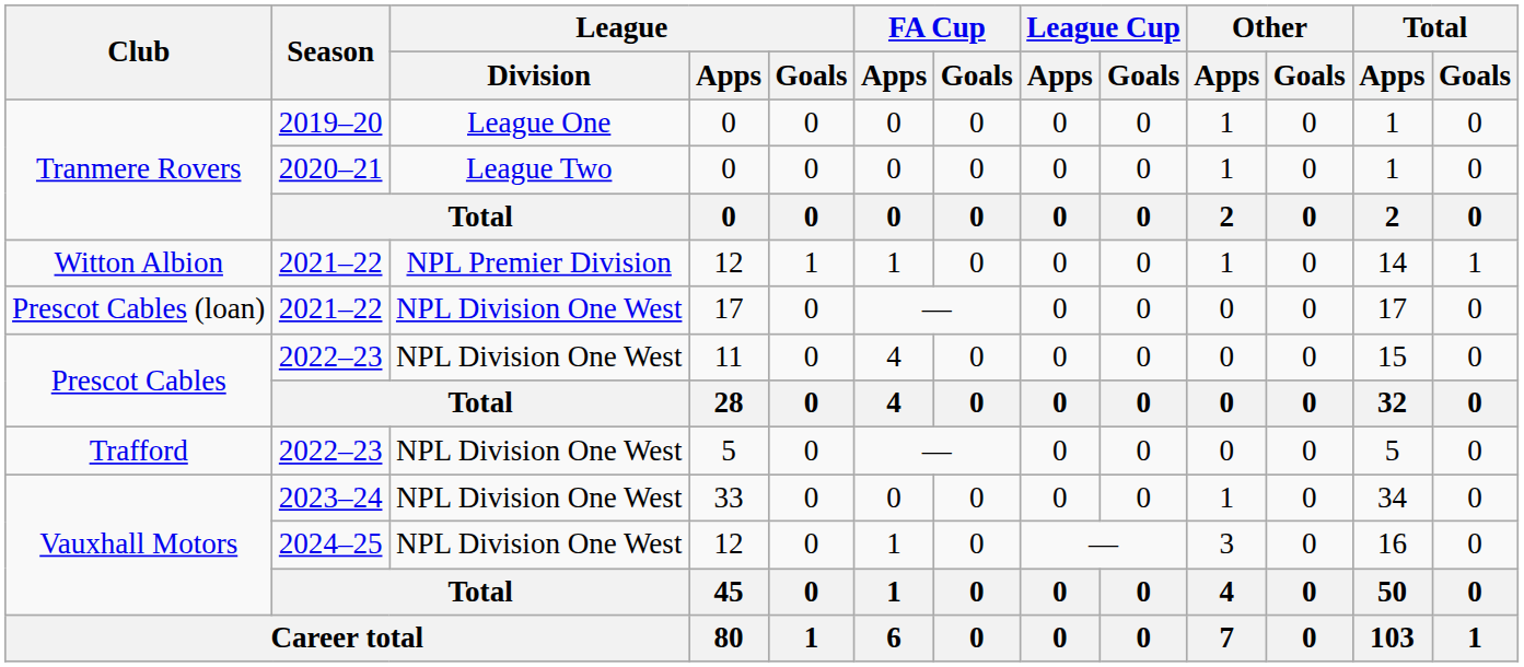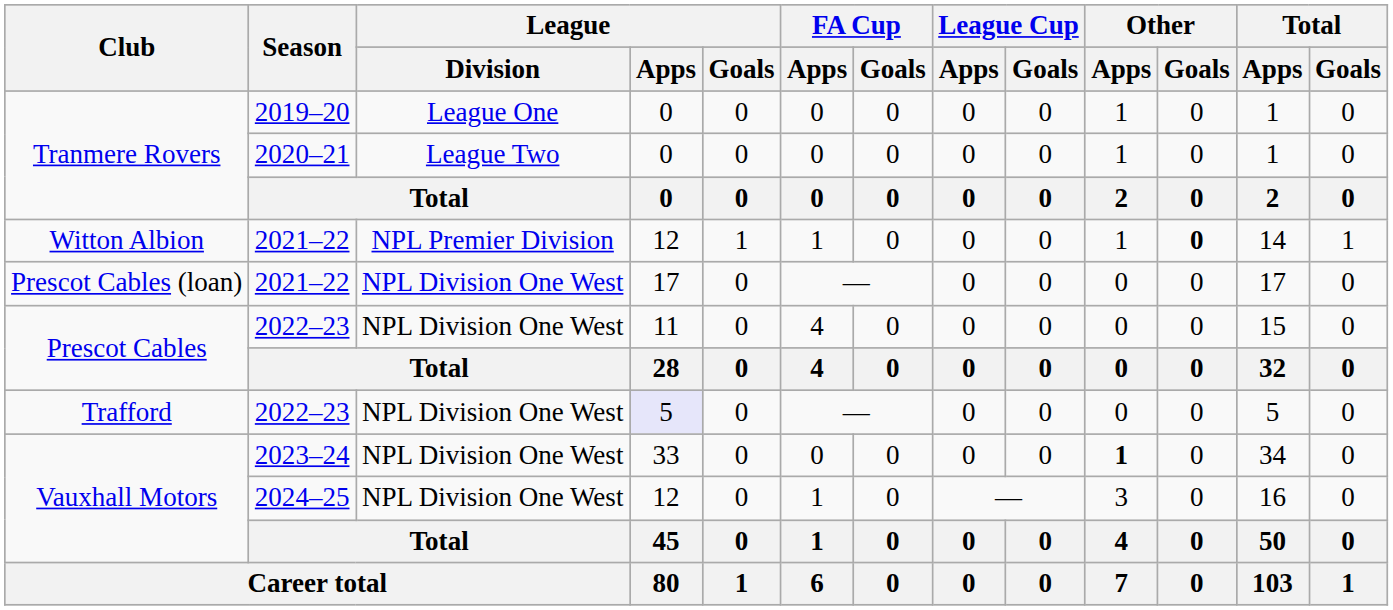 <table class="wikitable" style="text-align:center">
 <tr>
 <th rowspan="2">Club</th>
 <th rowspan="2">Season</th>
 <th colspan="3">League</th>
 <th colspan="2"><a href='#'>FA Cup</a></th>
 <th colspan="2"><a href='#'>League Cup</a></th>
 <th colspan="2">Other</th>
 <th colspan="2">Total</th>
 </tr>
 <tr>
 <th>Division</th>
 <th>Apps</th>
 <th>Goals</th>
 <th>Apps</th>
 <th>Goals</th>
 <th>Apps</th>
 <th>Goals</th>
 <th>Apps</th>
 <th>Goals</th>
 <th>Apps</th>
 <th>Goals</th>
 </tr>
 <tr>
 <td rowspan="3"><a href='#'>Tranmere Rovers</a></td>
 <td><a href='#'>2019–20</a></td>
 <td><a href='#'>League One</a></td>
 <td>0</td>
 <td>0</td>
 <td>0</td>
 <td>0</td>
 <td>0</td>
 <td>0</td>
 <td>1</td>
 <td>0</td>
 <td>1</td>
 <td>0</td>
 </tr>
 <tr>
 <td><a href='#'>2020–21</a></td>
 <td><a href='#'>League Two</a></td>
 <td>0</td>
 <td>0</td>
 <td>0</td>
 <td>0</td>
 <td>0</td>
 <td>0</td>
 <td>1</td>
 <td>0</td>
 <td>1</td>
 <td>0</td>
 </tr>
 <tr>
 <th colspan="2">Total</th>
 <th>0</th>
 <th>0</th>
 <th>0</th>
 <th>0</th>
 <th>0</th>
 <th>0</th>
 <th>2</th>
 <th>0</th>
 <th>2</th>
 <th>0</th>
 </tr>
 <tr>
 <td><a href='#'>Witton Albion</a></td>
 <td><a href='#'>2021–22</a></td>
 <td><a href='#'>NPL Premier Division</a></td>
 <td>12</td>
 <td>1</td>
 <td>1</td>
 <td>0</td>
 <td>0</td>
 <td>0</td>
 <td>1</td>
-<td>0</td>
+<td><strong>0</strong></td>
 <td>14</td>
 <td>1</td>
 </tr>
 <tr>
 <td><a href='#'>Prescot Cables</a> (loan)</td>
 <td><a href='#'>2021–22</a></td>
 <td><a href='#'>NPL Division One West</a></td>
 <td>17</td>
 <td>0</td>
 <td colspan="2">—</td>
 <td>0</td>
 <td>0</td>
 <td>0</td>
 <td>0</td>
 <td>17</td>
 <td>0</td>
 </tr>
 <tr>
 <td rowspan="2"><a href='#'>Prescot Cables</a></td>
 <td><a href='#'>2022–23</a></td>
 <td>NPL Division One West</td>
 <td>11</td>
 <td>0</td>
 <td>4</td>
 <td>0</td>
 <td>0</td>
 <td>0</td>
 <td>0</td>
 <td>0</td>
 <td>15</td>
 <td>0</td>
 </tr>
 <tr>
 <th colspan="2">Total</th>
 <th>28</th>
 <th>0</th>
 <th>4</th>
 <th>0</th>
 <th>0</th>
 <th>0</th>
 <th>0</th>
 <th>0</th>
 <th>32</th>
 <th>0</th>
 </tr>
 <tr>
 <td><a href='#'>Trafford</a></td>
 <td><a href='#'>2022–23</a></td>
 <td>NPL Division One West</td>
-<td>5</td>
+<td style="background: lavender;">5</td>
 <td>0</td>
 <td colspan="2">—</td>
 <td>0</td>
 <td>0</td>
 <td>0</td>
 <td>0</td>
 <td>5</td>
 <td>0</td>
 </tr>
 <tr>
 <td rowspan="3"><a href='#'>Vauxhall Motors</a></td>
 <td><a href='#'>2023–24</a></td>
 <td>NPL Division One West</td>
 <td>33</td>
 <td>0</td>
 <td>0</td>
 <td>0</td>
 <td>0</td>
 <td>0</td>
-<td>1</td>
+<td><strong>1</strong></td>
 <td>0</td>
 <td>34</td>
 <td>0</td>
 </tr>
 <tr>
 <td><a href='#'>2024–25</a></td>
 <td>NPL Division One West</td>
 <td>12</td>
 <td>0</td>
 <td>1</td>
 <td>0</td>
 <td colspan="2">—</td>
 <td>3</td>
 <td>0</td>
 <td>16</td>
 <td>0</td>
 </tr>
 <tr>
 <th colspan="2">Total</th>
 <th>45</th>
 <th>0</th>
 <th>1</th>
 <th>0</th>
 <th>0</th>
 <th>0</th>
 <th>4</th>
 <th>0</th>
 <th>50</th>
 <th>0</th>
 </tr>
 <tr>
 <th colspan="3">Career total</th>
 <th>80</th>
 <th>1</th>
 <th>6</th>
 <th>0</th>
 <th>0</th>
 <th>0</th>
 <th>7</th>
 <th>0</th>
 <th>103</th>
 <th>1</th>
 </tr>
 </table>
